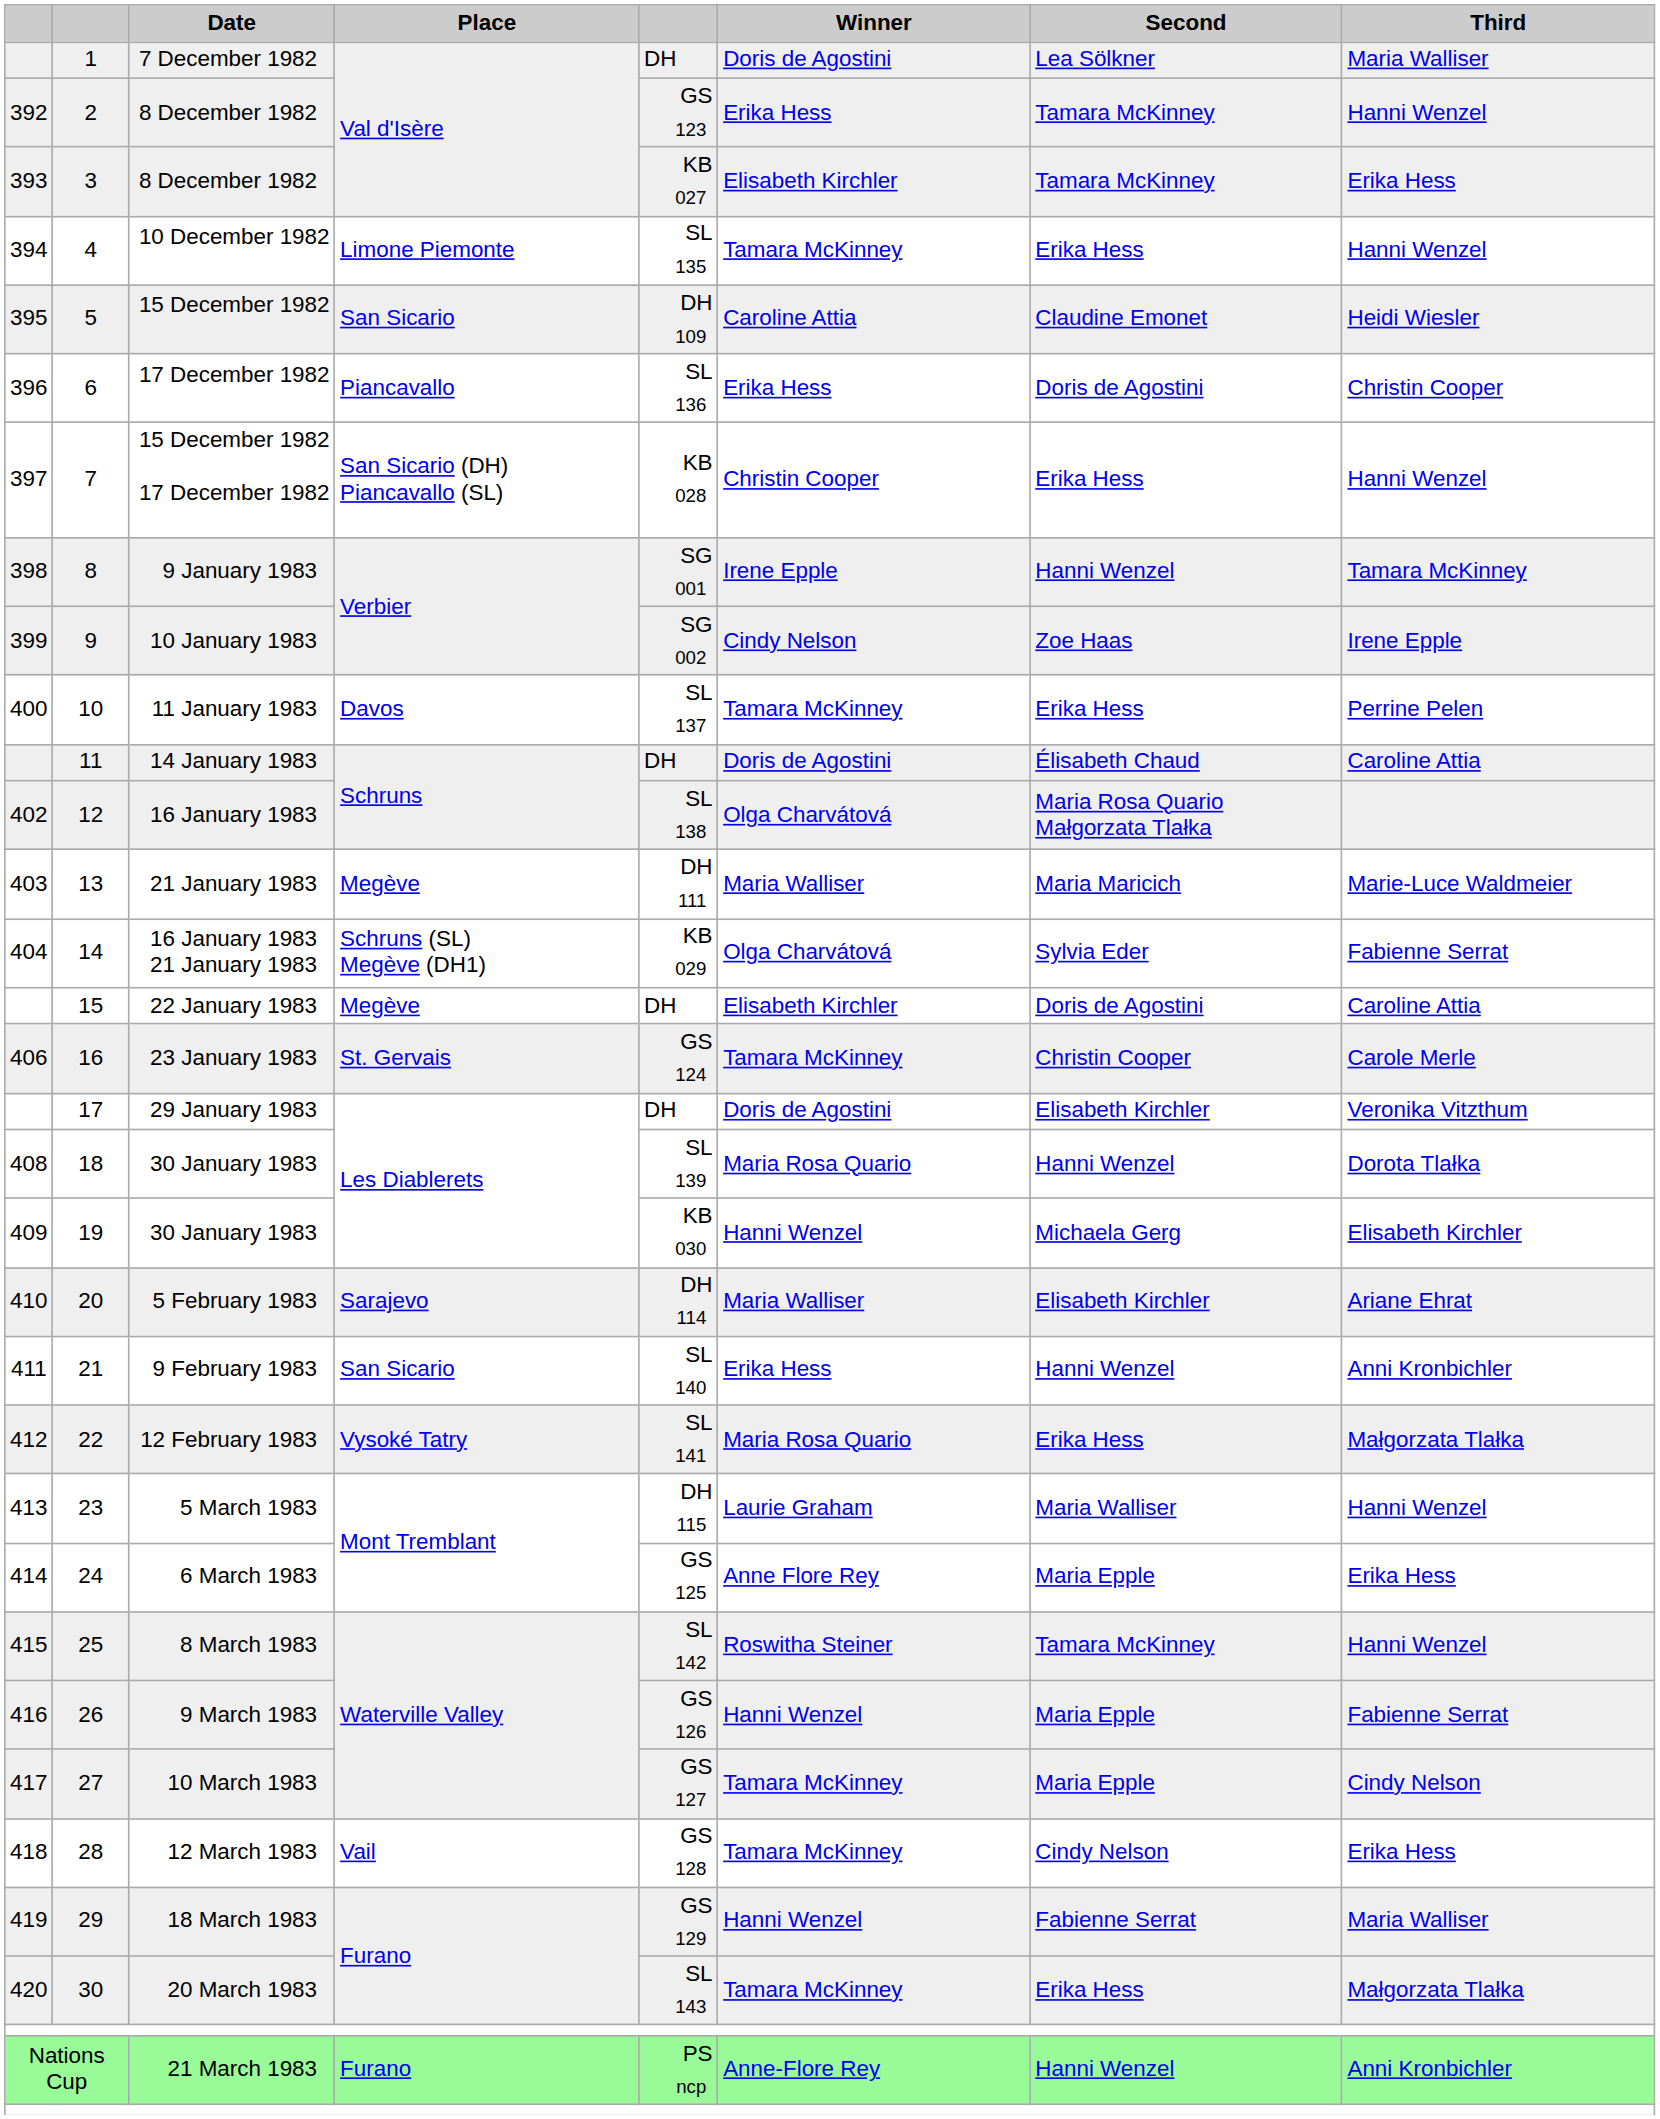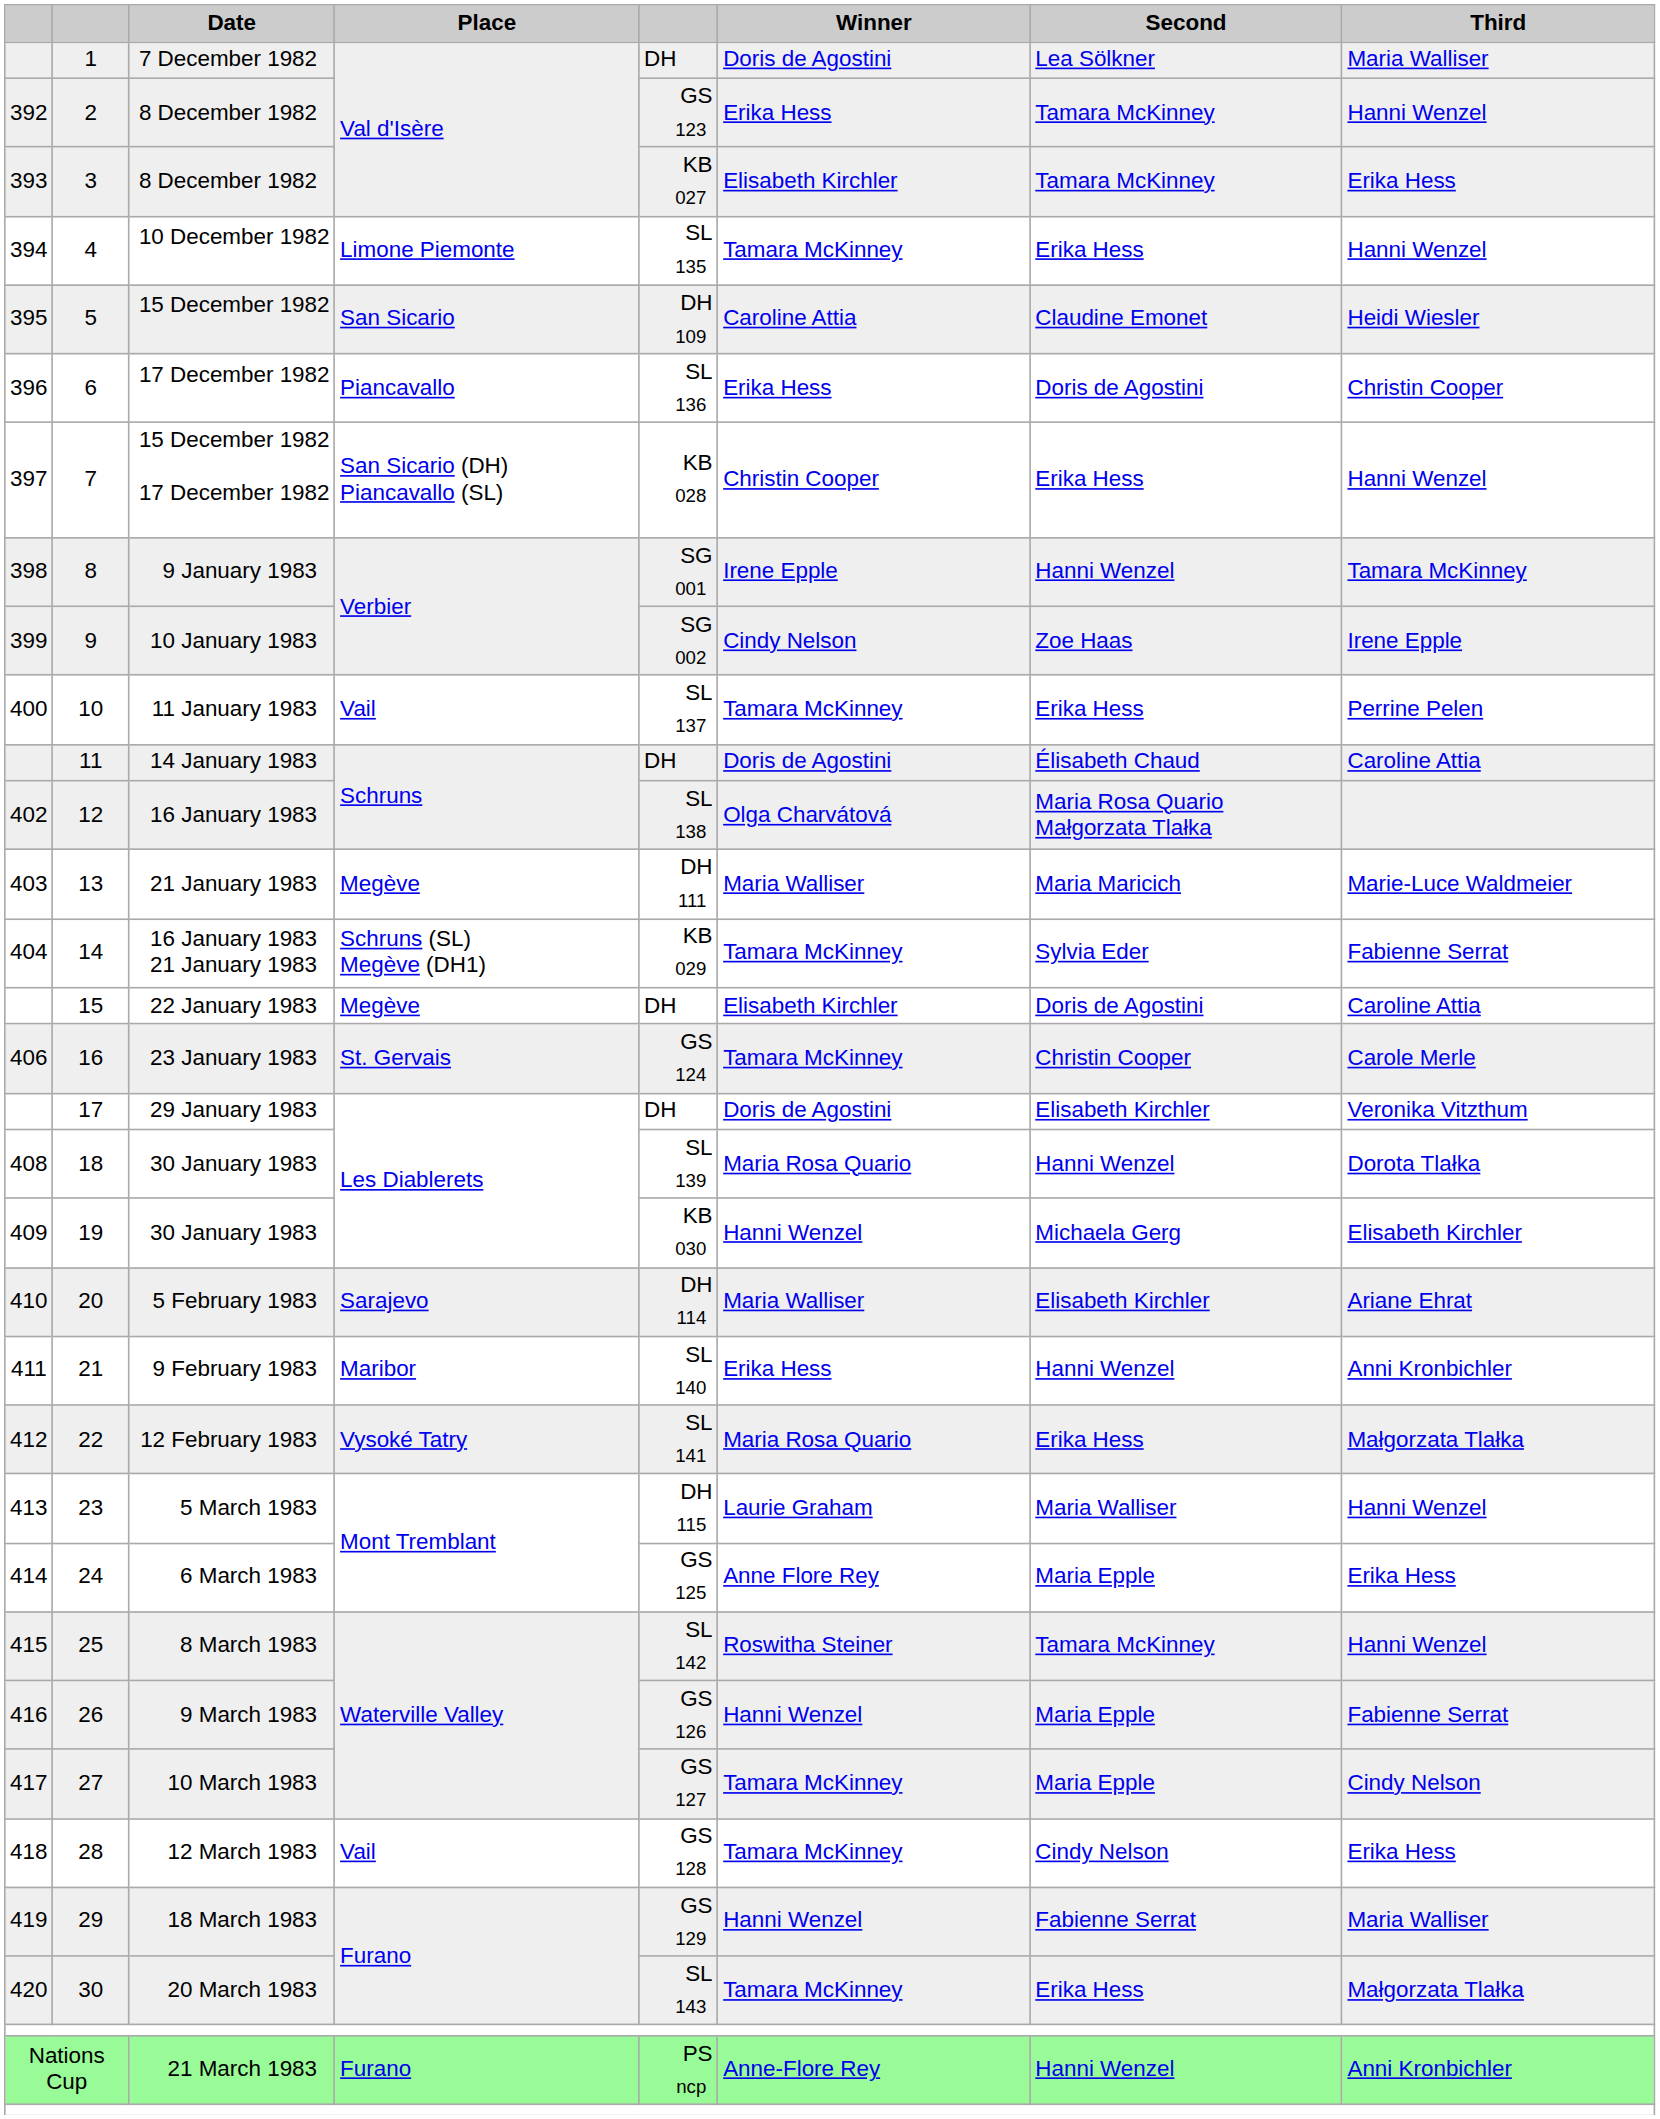 <table class="wikitable plainrowheaders" style="background:#fff; font-size:86%; line-height:16px; border:grey solid 1px; border-collapse:collapse;">
 <tr style="background:#ccc; text-align:center;">
 <td align="center" width="13"></td>
 <td align="center" width="40"></td>
 <td align="center" width="120"><strong>Date</strong></td>
 <td align="center" width="180"><strong>Place</strong></td>
 <td align="center" width="42"></td>
 <td align="center" width="185"><strong>Winner</strong></td>
 <td align="center" width="185"><strong>Second</strong></td>
 <td align="center" width="185"><strong>Third</strong></td>
 </tr>
 <tr style="background:#efefef; text-align:left;">
 <td align=center></td>
 <td align=center>1</td>
 <td align=right>7 December 1982  </td>
 <td rowspan=3> <a href='#'>Val d'Isère</a></td>
 <td>DH</td>
 <td> <a href='#'>Doris de Agostini</a></td>
 <td> <a href='#'>Lea Sölkner</a></td>
 <td> <a href='#'>Maria Walliser</a></td>
 </tr>
 <tr style="background:#efefef;">
 <td align=center>392</td>
 <td align=center>2</td>
 <td align=right>8 December 1982  </td>
 <td align=right>GS <sub>123</sub> </td>
 <td> <a href='#'>Erika Hess</a></td>
 <td> <a href='#'>Tamara McKinney</a></td>
 <td> <a href='#'>Hanni Wenzel</a></td>
 </tr>
 <tr style="background:#efefef;">
 <td align=center>393</td>
 <td align=center>3</td>
 <td align=right>8 December 1982  </td>
 <td align=right>KB <sub>027</sub> </td>
 <td> <a href='#'>Elisabeth Kirchler</a></td>
 <td> <a href='#'>Tamara McKinney</a></td>
 <td> <a href='#'>Erika Hess</a></td>
 </tr>
 <tr>
 <td align=center>394</td>
 <td align=center>4</td>
 <td align=right>10 December 1982  </td>
 <td> <a href='#'>Limone Piemonte</a></td>
 <td align=right>SL <sub>135</sub> </td>
 <td> <a href='#'>Tamara McKinney</a></td>
 <td> <a href='#'>Erika Hess</a></td>
 <td> <a href='#'>Hanni Wenzel</a></td>
 </tr>
 <tr style="background:#efefef;">
 <td align=center>395</td>
 <td align=center>5</td>
 <td align=right>15 December 1982  </td>
 <td> <a href='#'>San Sicario</a></td>
 <td align=right>DH <sub>109</sub> </td>
 <td> <a href='#'>Caroline Attia</a></td>
 <td> <a href='#'>Claudine Emonet</a></td>
 <td> <a href='#'>Heidi Wiesler</a></td>
 </tr>
 <tr>
 <td align=center>396</td>
 <td align=center>6</td>
 <td align=right>17 December 1982  </td>
 <td> <a href='#'>Piancavallo</a></td>
 <td align=right>SL <sub>136</sub> </td>
 <td> <a href='#'>Erika Hess</a></td>
 <td> <a href='#'>Doris de Agostini</a></td>
 <td> <a href='#'>Christin Cooper</a></td>
 </tr>
 <tr>
 <td align=center>397</td>
 <td align=center>7</td>
 <td align=right>15 December 1982  <br>17 December 1982  </td>
 <td> <a href='#'>San Sicario</a> (DH)<br> <a href='#'>Piancavallo</a> (SL)</td>
 <td align=right>KB <sub>028</sub> </td>
 <td> <a href='#'>Christin Cooper</a></td>
 <td> <a href='#'>Erika Hess</a></td>
 <td> <a href='#'>Hanni Wenzel</a></td>
 </tr>
 <tr style="background:#efefef;">
 <td align=center>398</td>
 <td align=center>8</td>
 <td align=right>9 January 1983  </td>
 <td rowspan=2> <a href='#'>Verbier</a></td>
 <td align=right>SG <sub>001</sub> </td>
 <td> <a href='#'>Irene Epple</a></td>
 <td> <a href='#'>Hanni Wenzel</a></td>
 <td> <a href='#'>Tamara McKinney</a></td>
 </tr>
 <tr style="background:#efefef;">
 <td align=center>399</td>
 <td align=center>9</td>
 <td align=right>10 January 1983  </td>
 <td align=right>SG <sub>002</sub> </td>
 <td> <a href='#'>Cindy Nelson</a></td>
 <td> <a href='#'>Zoe Haas</a></td>
 <td> <a href='#'>Irene Epple</a></td>
 </tr>
 <tr>
 <td align=center>400</td>
 <td align=center>10</td>
 <td align=right>11 January 1983  </td>
-<td> <a href='#'>Davos</a></td>
+<td> <a href='#'>Vail</a></td>
 <td align=right>SL <sub>137</sub> </td>
 <td> <a href='#'>Tamara McKinney</a></td>
 <td> <a href='#'>Erika Hess</a></td>
 <td> <a href='#'>Perrine Pelen</a></td>
 </tr>
 <tr style="background:#efefef; text-align:left;">
 <td align=center></td>
 <td align=center>11</td>
 <td align=right>14 January 1983  </td>
 <td rowspan=2> <a href='#'>Schruns</a></td>
 <td>DH</td>
 <td> <a href='#'>Doris de Agostini</a></td>
 <td> <a href='#'>Élisabeth Chaud</a></td>
 <td> <a href='#'>Caroline Attia</a></td>
 </tr>
 <tr style="background:#efefef;">
 <td align=center>402</td>
 <td align=center>12</td>
 <td align=right>16 January 1983  </td>
 <td align=right>SL <sub>138</sub> </td>
 <td> <a href='#'>Olga Charvátová</a></td>
 <td> <a href='#'>Maria Rosa Quario</a> <br>  <a href='#'>Małgorzata Tlałka</a></td>
 <td></td>
 </tr>
 <tr>
 <td align=center>403</td>
 <td align=center>13</td>
 <td align=right>21 January 1983  </td>
 <td> <a href='#'>Megève</a></td>
 <td align=right>DH <sub>111</sub> </td>
 <td> <a href='#'>Maria Walliser</a></td>
 <td> <a href='#'>Maria Maricich</a></td>
 <td> <a href='#'>Marie-Luce Waldmeier</a></td>
 </tr>
 <tr>
 <td align=center>404</td>
 <td align=center>14</td>
 <td align=right>16 January 1983  <br>21 January 1983  </td>
 <td> <a href='#'>Schruns</a> (SL)<br> <a href='#'>Megève</a> (DH1)</td>
 <td align=right>KB <sub>029</sub> </td>
-<td> <a href='#'>Olga Charvátová</a></td>
+<td> <a href='#'>Tamara McKinney</a></td>
 <td> <a href='#'>Sylvia Eder</a></td>
 <td> <a href='#'>Fabienne Serrat</a></td>
 </tr>
 <tr>
 <td align=center></td>
 <td align=center>15</td>
 <td align=right>22 January 1983  </td>
 <td> <a href='#'>Megève</a></td>
 <td>DH</td>
 <td> <a href='#'>Elisabeth Kirchler</a></td>
 <td> <a href='#'>Doris de Agostini</a></td>
 <td> <a href='#'>Caroline Attia</a></td>
 </tr>
 <tr style="background:#efefef;">
 <td align=center>406</td>
 <td align=center>16</td>
 <td align=right>23 January 1983  </td>
 <td> <a href='#'>St. Gervais</a></td>
 <td align=right>GS <sub>124</sub> </td>
 <td> <a href='#'>Tamara McKinney</a></td>
 <td> <a href='#'>Christin Cooper</a></td>
 <td> <a href='#'>Carole Merle</a></td>
 </tr>
 <tr style="text-align:left;">
 <td align=center></td>
 <td align=center>17</td>
 <td align=right>29 January 1983  </td>
 <td rowspan=3> <a href='#'>Les Diablerets</a></td>
 <td>DH</td>
 <td> <a href='#'>Doris de Agostini</a></td>
 <td> <a href='#'>Elisabeth Kirchler</a></td>
 <td> <a href='#'>Veronika Vitzthum</a></td>
 </tr>
 <tr>
 <td align=center>408</td>
 <td align=center>18</td>
 <td align=right>30 January 1983  </td>
 <td align=right>SL <sub>139</sub> </td>
 <td> <a href='#'>Maria Rosa Quario</a></td>
 <td> <a href='#'>Hanni Wenzel</a></td>
 <td> <a href='#'>Dorota Tlałka</a></td>
 </tr>
 <tr>
 <td align=center>409</td>
 <td align=center>19</td>
 <td align=right>30 January 1983  </td>
 <td align=right>KB <sub>030</sub> </td>
 <td> <a href='#'>Hanni Wenzel</a></td>
 <td> <a href='#'>Michaela Gerg</a></td>
 <td> <a href='#'>Elisabeth Kirchler</a></td>
 </tr>
 <tr style="background:#efefef;">
 <td align=center>410</td>
 <td align=center>20</td>
 <td align=right>5 February 1983  </td>
 <td> <a href='#'>Sarajevo</a></td>
 <td align=right>DH <sub>114</sub> </td>
 <td> <a href='#'>Maria Walliser</a></td>
 <td> <a href='#'>Elisabeth Kirchler</a></td>
 <td> <a href='#'>Ariane Ehrat</a></td>
 </tr>
 <tr>
 <td align=center>411</td>
 <td align=center>21</td>
 <td align=right>9 February 1983  </td>
-<td> <a href='#'>San Sicario</a></td>
+<td> <a href='#'>Maribor</a></td>
 <td align=right>SL <sub>140</sub> </td>
 <td> <a href='#'>Erika Hess</a></td>
 <td> <a href='#'>Hanni Wenzel</a></td>
 <td> <a href='#'>Anni Kronbichler</a></td>
 </tr>
 <tr style="background:#efefef;">
 <td align=center>412</td>
 <td align=center>22</td>
 <td align=right>12 February 1983  </td>
 <td> <a href='#'>Vysoké Tatry</a></td>
 <td align=right>SL <sub>141</sub> </td>
 <td> <a href='#'>Maria Rosa Quario</a></td>
 <td> <a href='#'>Erika Hess</a></td>
 <td> <a href='#'>Małgorzata Tlałka</a></td>
 </tr>
 <tr>
 <td align=center>413</td>
 <td align=center>23</td>
 <td align=right>5 March 1983  </td>
 <td rowspan=2> <a href='#'>Mont Tremblant</a></td>
 <td align=right>DH <sub>115</sub> </td>
 <td> <a href='#'>Laurie Graham</a></td>
 <td> <a href='#'>Maria Walliser</a></td>
 <td> <a href='#'>Hanni Wenzel</a></td>
 </tr>
 <tr>
 <td align=center>414</td>
 <td align=center>24</td>
 <td align=right>6 March 1983  </td>
 <td align=right>GS <sub>125</sub> </td>
 <td> <a href='#'>Anne Flore Rey</a></td>
 <td> <a href='#'>Maria Epple</a></td>
 <td> <a href='#'>Erika Hess</a></td>
 </tr>
 <tr style="background:#efefef;">
 <td align=center>415</td>
 <td align=center>25</td>
 <td align=right>8 March 1983  </td>
 <td rowspan=3> <a href='#'>Waterville Valley</a></td>
 <td align=right>SL <sub>142</sub> </td>
 <td> <a href='#'>Roswitha Steiner</a></td>
 <td> <a href='#'>Tamara McKinney</a></td>
 <td> <a href='#'>Hanni Wenzel</a></td>
 </tr>
 <tr style="background:#efefef;">
 <td align=center>416</td>
 <td align=center>26</td>
 <td align=right>9 March 1983  </td>
 <td align=right>GS <sub>126</sub> </td>
 <td> <a href='#'>Hanni Wenzel</a></td>
 <td> <a href='#'>Maria Epple</a></td>
 <td> <a href='#'>Fabienne Serrat</a></td>
 </tr>
 <tr style="background:#efefef;">
 <td align=center>417</td>
 <td align=center>27</td>
 <td align=right>10 March 1983  </td>
 <td align=right>GS <sub>127</sub> </td>
 <td> <a href='#'>Tamara McKinney</a></td>
 <td> <a href='#'>Maria Epple</a></td>
 <td> <a href='#'>Cindy Nelson</a></td>
 </tr>
 <tr>
 <td align=center>418</td>
 <td align=center>28</td>
 <td align=right>12 March 1983  </td>
 <td> <a href='#'>Vail</a></td>
 <td align=right>GS <sub>128</sub> </td>
 <td> <a href='#'>Tamara McKinney</a></td>
 <td> <a href='#'>Cindy Nelson</a></td>
 <td> <a href='#'>Erika Hess</a></td>
 </tr>
 <tr style="background:#efefef;">
 <td align=center>419</td>
 <td align=center>29</td>
 <td align=right>18 March 1983  </td>
 <td rowspan=2> <a href='#'>Furano</a></td>
 <td align=right>GS <sub>129</sub> </td>
 <td> <a href='#'>Hanni Wenzel</a></td>
 <td> <a href='#'>Fabienne Serrat</a></td>
 <td> <a href='#'>Maria Walliser</a></td>
 </tr>
 <tr style="background:#efefef;">
 <td align=center>420</td>
 <td align=center>30</td>
 <td align=right>20 March 1983  </td>
 <td align=right>SL <sub>143</sub> </td>
 <td> <a href='#'>Tamara McKinney</a></td>
 <td> <a href='#'>Erika Hess</a></td>
 <td> <a href='#'>Małgorzata Tlałka</a></td>
 </tr>
 <tr>
 <td colspan=8></td>
 </tr>
 <tr bgcolor=#98FB98>
 <td colspan=2 align=center>Nations Cup</td>
 <td align=right>21 March 1983  </td>
 <td> <a href='#'>Furano</a></td>
 <td align=right>PS <sub>ncp</sub> </td>
 <td> <a href='#'>Anne-Flore Rey</a></td>
 <td> <a href='#'>Hanni Wenzel</a></td>
 <td> <a href='#'>Anni Kronbichler</a></td>
 </tr>
 <tr>
 <td colspan=8></td>
 </tr>
 </table>
